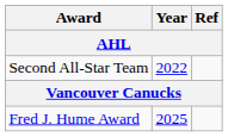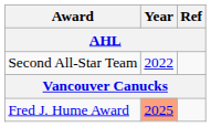 <table class="wikitable">
 <tr>
 <th>Award</th>
 <th>Year</th>
 <th>Ref</th>
 </tr>
 <tr>
 <th colspan="3"><a href='#'>AHL</a></th>
 </tr>
 <tr>
 <td>Second All-Star Team</td>
 <td><a href='#'>2022</a></td>
 <td></td>
 </tr>
 <tr>
 <th colspan="3"><a href='#'>Vancouver Canucks</a></th>
 </tr>
 <tr>
 <td><a href='#'>Fred J. Hume Award</a></td>
-<td><a href='#'>2025</a></td>
+<td style="background: lightsalmon;"><a href='#'>2025</a></td>
 <td></td>
 </tr>
 </table>
